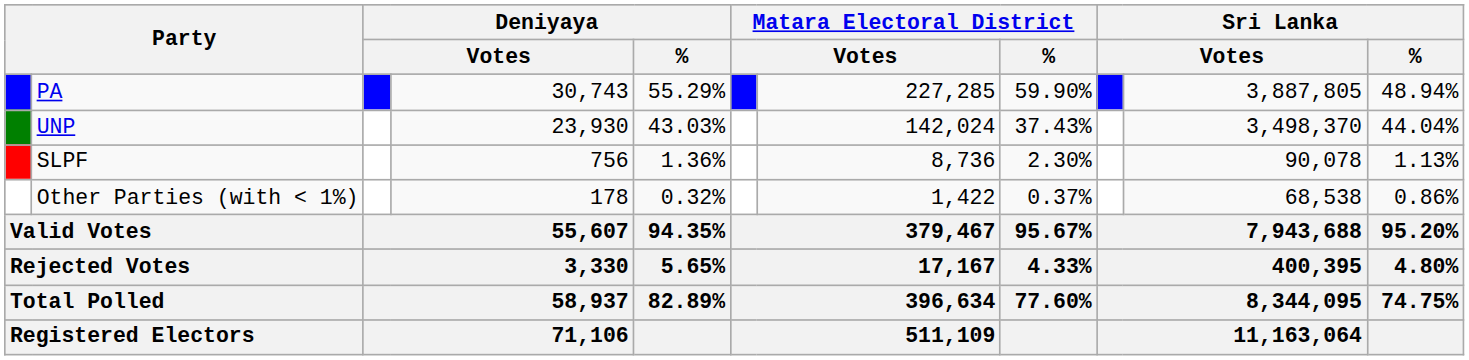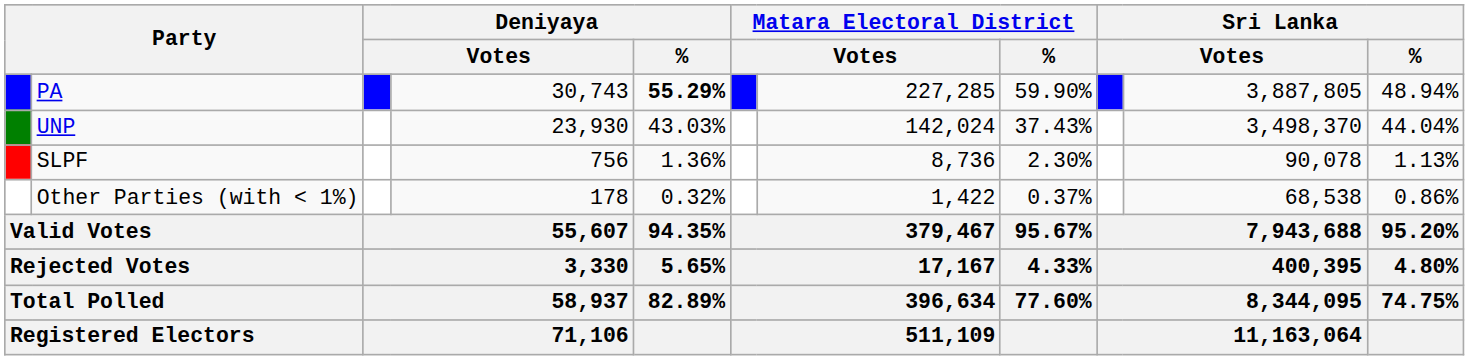 <table class="wikitable">
 <tr>
 <th colspan="2" width="144px"rowspan="2">Party</th>
 <th colspan="3" width="216px">Deniyaya</th>
 <th colspan="3" width="216px"><a href='#'>Matara Electoral District</a></th>
 <th colspan="3" width="216px">Sri Lanka</th>
 </tr>
 <tr>
 <th colspan="2" width="144px">Votes</th>
 <th>%</th>
 <th colspan="2" width="144px">Votes</th>
 <th>%</th>
 <th colspan="2" width="144px">Votes</th>
 <th>%</th>
 </tr>
 <tr>
 <td style="background-color:blue;" width="10px"></td>
 <td style="text-align:left;"><a href='#'>PA</a></td>
 <td style="background-color:blue;" width="10px"></td>
 <td style="text-align:right;">30,743</td>
-<td style="text-align:right;">55.29%</td>
+<td style="text-align:right;"><strong>55.29%</strong></td>
 <td style="background-color:blue;" width="10px"></td>
 <td style="text-align:right;">227,285</td>
 <td style="text-align:right;">59.90%</td>
 <td style="background-color:blue;" width="10px"></td>
 <td style="text-align:right;">3,887,805</td>
 <td style="text-align:right;">48.94%</td>
 </tr>
 <tr>
 <td style="background-color:green;" width="10px"></td>
 <td style="text-align:left;"><a href='#'>UNP</a></td>
 <td style="background-color:white;" width="10px"></td>
 <td style="text-align:right;">23,930</td>
 <td style="text-align:right;">43.03%</td>
 <td style="background-color:white;" width="10px"></td>
 <td style="text-align:right;">142,024</td>
 <td style="text-align:right;">37.43%</td>
 <td style="background-color:white;" width="10px"></td>
 <td style="text-align:right;">3,498,370</td>
 <td style="text-align:right;">44.04%</td>
 </tr>
 <tr>
 <td style="background-color:red;" width="10px"></td>
 <td style="text-align:left;">SLPF</td>
 <td style="background-color:white;" width="10px"></td>
 <td style="text-align:right;">756</td>
 <td style="text-align:right;">1.36%</td>
 <td style="background-color:white;" width="10px"></td>
 <td style="text-align:right;">8,736</td>
 <td style="text-align:right;">2.30%</td>
 <td style="background-color:white;" width="10px"></td>
 <td style="text-align:right;">90,078</td>
 <td style="text-align:right;">1.13%</td>
 </tr>
 <tr>
 <td style="background-color:white;" width="10px"></td>
 <td style="text-align:left;">Other Parties (with < 1%)</td>
 <td style="background-color:white;" width="10px"></td>
 <td style="text-align:right;">178</td>
 <td style="text-align:right;">0.32%</td>
 <td style="background-color:white;" width="10px"></td>
 <td style="text-align:right;">1,422</td>
 <td style="text-align:right;">0.37%</td>
 <td style="background-color:white;" width="10px"></td>
 <td style="text-align:right;">68,538</td>
 <td style="text-align:right;">0.86%</td>
 </tr>
 <tr>
 <th colspan="2" width="144px"style="text-align:left;">Valid Votes</th>
 <th style="text-align:right;"colspan="2" width="144px">55,607</th>
 <th style="text-align:right;">94.35%</th>
 <th style="text-align:right;"colspan="2" width="144px">379,467</th>
 <th style="text-align:right;">95.67%</th>
 <th style="text-align:right;"colspan="2" width="144px">7,943,688</th>
 <th style="text-align:right;">95.20%</th>
 </tr>
 <tr>
 <th colspan="2" width="144px"style="text-align:left;">Rejected Votes</th>
 <th style="text-align:right;"colspan="2" width="144px">3,330</th>
 <th style="text-align:right;">5.65%</th>
 <th style="text-align:right;"colspan="2" width="144px">17,167</th>
 <th style="text-align:right;">4.33%</th>
 <th style="text-align:right;"colspan="2" width="144px">400,395</th>
 <th style="text-align:right;">4.80%</th>
 </tr>
 <tr>
 <th colspan="2" width="144px"style="text-align:left;">Total Polled</th>
 <th style="text-align:right;"colspan="2" width="144px">58,937</th>
 <th style="text-align:right;">82.89%</th>
 <th style="text-align:right;"colspan="2" width="144px">396,634</th>
 <th style="text-align:right;">77.60%</th>
 <th style="text-align:right;"colspan="2" width="144px">8,344,095</th>
 <th style="text-align:right;">74.75%</th>
 </tr>
 <tr>
 <th colspan="2" width="144px"style="text-align:left;">Registered Electors</th>
 <th style="text-align:right;"colspan="2" width="144px">71,106</th>
 <th></th>
 <th style="text-align:right;"colspan="2" width="144px">511,109</th>
 <th></th>
 <th style="text-align:right;"colspan="2" width="144px">11,163,064</th>
 <th></th>
 </tr>
 </table>
